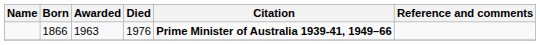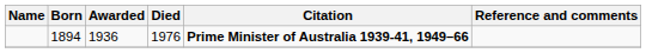 <table class="wikitable sortable" style="text-align: left">
 <tr>
 <th>Name</th>
 <th>Born</th>
 <th>Awarded</th>
 <th>Died</th>
 <th>Citation</th>
 <th>Reference and comments</th>
 </tr>
 <tr>
 <td></td>
-<td>1866</td>
-<td>1963</td>
+<td>1894</td>
+<td>1936</td>
 <td>1976</td>
 <td><strong>Prime Minister of Australia 1939-41, 1949–66</strong></td>
 <td></td>
 </tr>
 <tr>
 </tr>
 </table>
